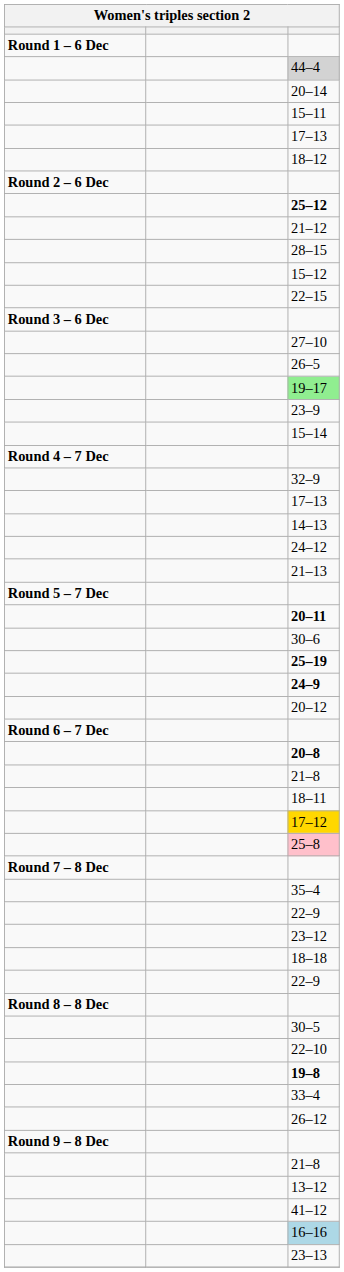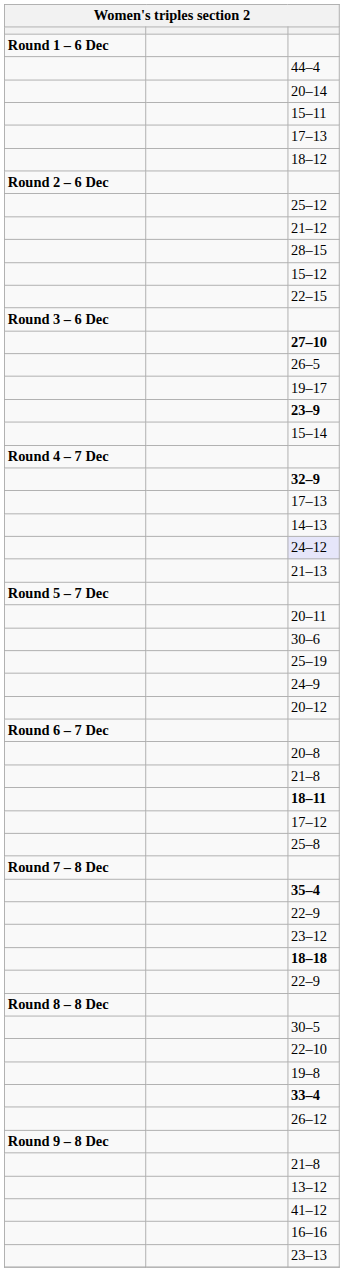 <table class="wikitable">
 <tr>
 <th colspan="3">Women's triples section 2</th>
 </tr>
 <tr>
 <th width=150></th>
 <th width=150></th>
 <th width=50></th>
 </tr>
 <tr>
 <td><strong>Round 1 – 6 Dec</strong></td>
 <td></td>
 <td></td>
 </tr>
 <tr>
 <td></td>
 <td></td>
-<td style="background: lightgrey;">44–4</td>
+<td>44–4</td>
 </tr>
 <tr>
 <td></td>
 <td></td>
 <td>20–14</td>
 </tr>
 <tr>
 <td></td>
 <td></td>
 <td>15–11</td>
 </tr>
 <tr>
 <td></td>
 <td></td>
 <td>17–13</td>
 </tr>
 <tr>
 <td></td>
 <td></td>
 <td>18–12</td>
 </tr>
 <tr>
 <td><strong>Round 2 – 6 Dec</strong></td>
 <td></td>
 <td></td>
 </tr>
 <tr>
 <td></td>
 <td></td>
-<td><strong>25–12</strong></td>
+<td>25–12</td>
 </tr>
 <tr>
 <td></td>
 <td></td>
 <td>21–12</td>
 </tr>
 <tr>
 <td></td>
 <td></td>
 <td>28–15</td>
 </tr>
 <tr>
 <td></td>
 <td></td>
 <td>15–12</td>
 </tr>
 <tr>
 <td></td>
 <td></td>
 <td>22–15</td>
 </tr>
 <tr>
 <td><strong>Round 3 – 6 Dec</strong></td>
 <td></td>
 <td></td>
 </tr>
 <tr>
 <td></td>
 <td></td>
-<td>27–10</td>
+<td><strong>27–10</strong></td>
 </tr>
 <tr>
 <td></td>
 <td></td>
 <td>26–5</td>
 </tr>
 <tr>
 <td></td>
 <td></td>
-<td style="background: lightgreen;">19–17</td>
+<td>19–17</td>
 </tr>
 <tr>
 <td></td>
 <td></td>
-<td>23–9</td>
+<td><strong>23–9</strong></td>
 </tr>
 <tr>
 <td></td>
 <td></td>
 <td>15–14</td>
 </tr>
 <tr>
 <td><strong>Round 4 – 7 Dec</strong></td>
 <td></td>
 <td></td>
 </tr>
 <tr>
 <td></td>
 <td></td>
-<td>32–9</td>
+<td><strong>32–9</strong></td>
 </tr>
 <tr>
 <td></td>
 <td></td>
 <td>17–13</td>
 </tr>
 <tr>
 <td></td>
 <td></td>
 <td>14–13</td>
 </tr>
 <tr>
 <td></td>
 <td></td>
-<td>24–12</td>
+<td style="background: lavender;">24–12</td>
 </tr>
 <tr>
 <td></td>
 <td></td>
 <td>21–13</td>
 </tr>
 <tr>
 <td><strong>Round 5 – 7 Dec</strong></td>
 <td></td>
 <td></td>
 </tr>
 <tr>
 <td></td>
 <td></td>
-<td><strong>20–11</strong></td>
+<td>20–11</td>
 </tr>
 <tr>
 <td></td>
 <td></td>
 <td>30–6</td>
 </tr>
 <tr>
 <td></td>
 <td></td>
-<td><strong>25–19</strong></td>
+<td>25–19</td>
 </tr>
 <tr>
 <td></td>
 <td></td>
-<td><strong>24–9</strong></td>
+<td>24–9</td>
 </tr>
 <tr>
 <td></td>
 <td></td>
 <td>20–12</td>
 </tr>
 <tr>
 <td><strong>Round 6  – 7 Dec</strong></td>
 <td></td>
 <td></td>
 </tr>
 <tr>
 <td></td>
 <td></td>
-<td><strong>20–8</strong></td>
+<td>20–8</td>
 </tr>
 <tr>
 <td></td>
 <td></td>
 <td>21–8</td>
 </tr>
 <tr>
 <td></td>
 <td></td>
-<td>18–11</td>
+<td><strong>18–11</strong></td>
 </tr>
 <tr>
 <td></td>
 <td></td>
-<td style="background: gold;">17–12</td>
+<td>17–12</td>
 </tr>
 <tr>
 <td></td>
 <td></td>
-<td style="background: pink;">25–8</td>
+<td>25–8</td>
 </tr>
 <tr>
 <td><strong>Round 7 – 8 Dec</strong></td>
 <td></td>
 <td></td>
 </tr>
 <tr>
 <td></td>
 <td></td>
-<td>35–4</td>
+<td><strong>35–4</strong></td>
 </tr>
 <tr>
 <td></td>
 <td></td>
 <td>22–9</td>
 </tr>
 <tr>
 <td></td>
 <td></td>
 <td>23–12</td>
 </tr>
 <tr>
 <td></td>
 <td></td>
-<td>18–18</td>
+<td><strong>18–18</strong></td>
 </tr>
 <tr>
 <td></td>
 <td></td>
 <td>22–9</td>
 </tr>
 <tr>
 <td><strong>Round 8 – 8 Dec</strong></td>
 <td></td>
 <td></td>
 </tr>
 <tr>
 <td></td>
 <td></td>
 <td>30–5</td>
 </tr>
 <tr>
 <td></td>
 <td></td>
 <td>22–10</td>
 </tr>
 <tr>
 <td></td>
 <td></td>
-<td><strong>19–8</strong></td>
+<td>19–8</td>
 </tr>
 <tr>
 <td></td>
 <td></td>
-<td>33–4</td>
+<td><strong>33–4</strong></td>
 </tr>
 <tr>
 <td></td>
 <td></td>
 <td>26–12</td>
 </tr>
 <tr>
 <td><strong>Round 9 – 8 Dec</strong></td>
 <td></td>
 <td></td>
 </tr>
 <tr>
 <td></td>
 <td></td>
 <td>21–8</td>
 </tr>
 <tr>
 <td></td>
 <td></td>
 <td>13–12</td>
 </tr>
 <tr>
 <td></td>
 <td></td>
 <td>41–12</td>
 </tr>
 <tr>
 <td></td>
 <td></td>
-<td style="background: lightblue;">16–16</td>
+<td>16–16</td>
 </tr>
 <tr>
 <td></td>
 <td></td>
 <td>23–13</td>
 </tr>
 <tr>
 </tr>
 </table>
